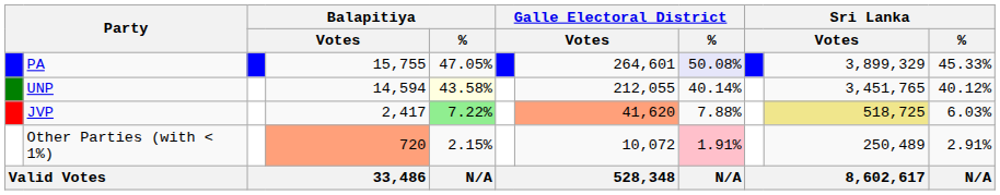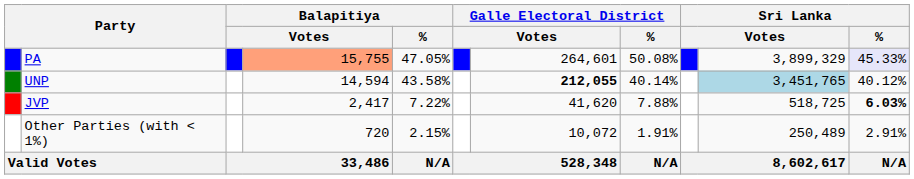 <table class="wikitable">
 <tr>
 <th colspan="2" width="144px"rowspan="2">Party</th>
 <th colspan="3" width="216px">Balapitiya</th>
 <th colspan="3" width="216px"><a href='#'>Galle Electoral District</a></th>
 <th colspan="3" width="216px">Sri Lanka</th>
 </tr>
 <tr>
 <th colspan="2" width="144px">Votes</th>
 <th>%</th>
 <th colspan="2" width="144px">Votes</th>
 <th>%</th>
 <th colspan="2" width="144px">Votes</th>
 <th>%</th>
 </tr>
 <tr>
 <td style="background-color:blue;" width="10px"></td>
 <td style="text-align:left;"><a href='#'>PA</a></td>
 <td style="background-color:blue;" width="10px"></td>
-<td style="text-align:right;">15,755</td>
+<td style="background: lightsalmon; text-align:right;">15,755</td>
 <td style="text-align:right;">47.05%</td>
 <td style="background-color:blue;" width="10px"></td>
 <td style="text-align:right;">264,601</td>
-<td style="background: lavender; text-align:right;">50.08%</td>
+<td style="text-align:right;">50.08%</td>
 <td style="background-color:blue;" width="10px"></td>
 <td style="text-align:right;">3,899,329</td>
-<td style="text-align:right;">45.33%</td>
+<td style="background: lavender; text-align:right;">45.33%</td>
 </tr>
 <tr>
 <td style="background-color:green;" width="10px"></td>
 <td style="text-align:left;"><a href='#'>UNP</a></td>
 <td style="background-color:white;" width="10px"></td>
 <td style="text-align:right;">14,594</td>
-<td style="background: lightyellow; text-align:right;">43.58%</td>
+<td style="text-align:right;">43.58%</td>
 <td style="background-color:white;" width="10px"></td>
-<td style="text-align:right;">212,055</td>
+<td style="text-align:right;"><strong>212,055</strong></td>
 <td style="text-align:right;">40.14%</td>
 <td style="background-color:white;" width="10px"></td>
-<td style="text-align:right;">3,451,765</td>
+<td style="background: lightblue; text-align:right;">3,451,765</td>
 <td style="text-align:right;">40.12%</td>
 </tr>
 <tr>
 <td style="background-color:red;" width="10px"></td>
 <td style="text-align:left;"><a href='#'>JVP</a></td>
 <td style="background-color:white;" width="10px"></td>
 <td style="text-align:right;">2,417</td>
-<td style="background: lightgreen; text-align:right;">7.22%</td>
+<td style="text-align:right;">7.22%</td>
 <td style="background-color:white;" width="10px"></td>
-<td style="background: lightsalmon; text-align:right;">41,620</td>
+<td style="text-align:right;">41,620</td>
 <td style="text-align:right;">7.88%</td>
 <td style="background-color:white;" width="10px"></td>
-<td style="background: khaki; text-align:right;">518,725</td>
-<td style="text-align:right;">6.03%</td>
+<td style="text-align:right;">518,725</td>
+<td style="text-align:right;"><strong>6.03%</strong></td>
 </tr>
 <tr>
 <td style="background-color:white;" width="10px"></td>
 <td style="text-align:left;">Other Parties (with < 1%)</td>
 <td style="background-color:white;" width="10px"></td>
-<td style="background: lightsalmon; text-align:right;">720</td>
+<td style="text-align:right;">720</td>
 <td style="text-align:right;">2.15%</td>
 <td style="background-color:white;" width="10px"></td>
 <td style="text-align:right;">10,072</td>
-<td style="background: pink; text-align:right;">1.91%</td>
+<td style="text-align:right;">1.91%</td>
 <td style="background-color:white;" width="10px"></td>
 <td style="text-align:right;">250,489</td>
 <td style="text-align:right;">2.91%</td>
 </tr>
 <tr>
 <th colspan="2" width="144px"style="text-align:left;">Valid Votes</th>
 <th style="text-align:right;"colspan="2" width="144px">33,486</th>
 <th style="text-align:right;">N/A</th>
 <th style="text-align:right;"colspan="2" width="144px">528,348</th>
 <th style="text-align:right;">N/A</th>
 <th style="text-align:right;"colspan="2" width="144px">8,602,617</th>
 <th style="text-align:right;">N/A</th>
 </tr>
 </table>
